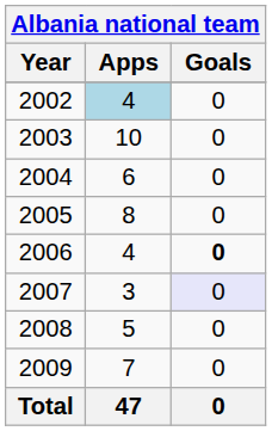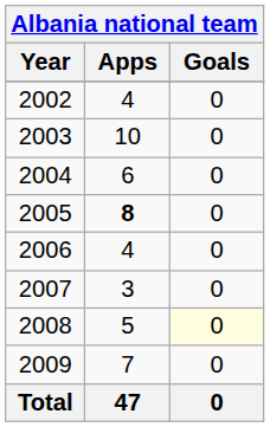 <table class="wikitable" style="text-align:center">
 <tr>
 <th colspan=3><a href='#'>Albania national team</a></th>
 </tr>
 <tr>
 <th>Year</th>
 <th>Apps</th>
 <th>Goals</th>
 </tr>
 <tr>
 </tr>
 <tr>
 <td>2002</td>
-<td style="background: lightblue;">4</td>
+<td>4</td>
 <td>0</td>
 </tr>
 <tr>
 <td>2003</td>
 <td>10</td>
 <td>0</td>
 </tr>
 <tr>
 <td>2004</td>
 <td>6</td>
 <td>0</td>
 </tr>
 <tr>
 <td>2005</td>
-<td>8</td>
+<td><strong>8</strong></td>
 <td>0</td>
 </tr>
 <tr>
 <td>2006</td>
 <td>4</td>
-<td><strong>0</strong></td>
+<td>0</td>
 </tr>
 <tr>
 <td>2007</td>
 <td>3</td>
-<td style="background: lavender;">0</td>
+<td>0</td>
 </tr>
 <tr>
 <td>2008</td>
 <td>5</td>
-<td>0</td>
+<td style="background: lightyellow;">0</td>
 </tr>
 <tr>
 <td>2009</td>
 <td>7</td>
 <td>0</td>
 </tr>
 <tr>
 <th>Total</th>
 <th>47</th>
 <th>0</th>
 </tr>
 </table>
